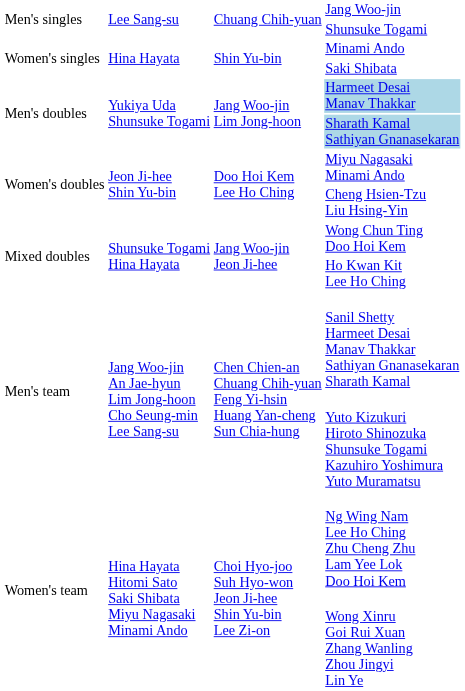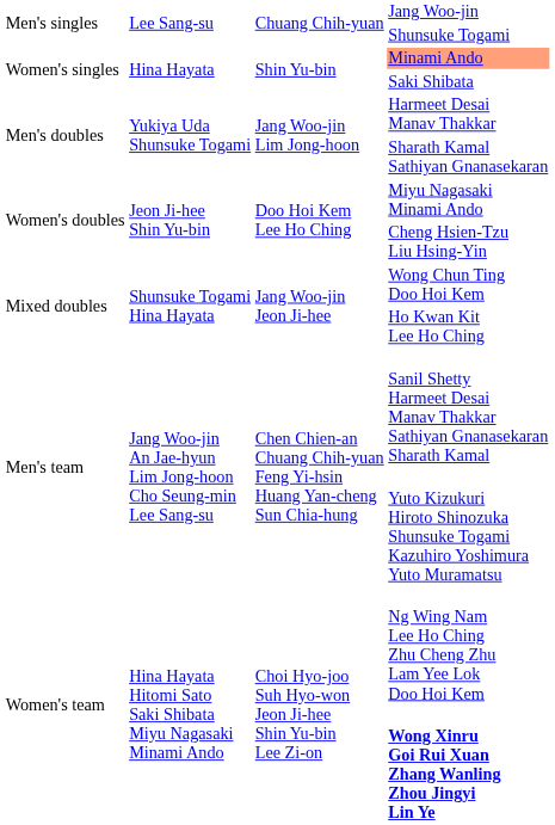 <table>
 <tr>
 <td rowspan=2>Men's singles<br></td>
 <td rowspan=2> <a href='#'>Lee Sang-su</a></td>
 <td rowspan=2> <a href='#'>Chuang Chih-yuan</a></td>
 <td><a href='#'>Jang Woo-jin</a></td>
 </tr>
 <tr>
 <td><a href='#'>Shunsuke Togami</a></td>
 </tr>
 <tr>
 <td rowspan=2>Women's singles<br></td>
 <td rowspan=2> <a href='#'>Hina Hayata</a></td>
 <td rowspan=2> <a href='#'>Shin Yu-bin</a></td>
-<td> <a href='#'>Minami Ando</a></td>
+<td style="background: lightsalmon;"> <a href='#'>Minami Ando</a></td>
 </tr>
 <tr>
 <td> <a href='#'>Saki Shibata</a></td>
 </tr>
 <tr>
 <td rowspan=2>Men's doubles<br></td>
 <td rowspan=2> <a href='#'>Yukiya Uda</a><br> <a href='#'>Shunsuke Togami</a></td>
 <td rowspan=2> <a href='#'>Jang Woo-jin</a><br> <a href='#'>Lim Jong-hoon</a></td>
-<td style="background: lightblue;"> <a href='#'>Harmeet Desai</a><br> <a href='#'>Manav Thakkar</a></td>
+<td> <a href='#'>Harmeet Desai</a><br> <a href='#'>Manav Thakkar</a></td>
 </tr>
 <tr>
-<td style="background: lightblue;"> <a href='#'>Sharath Kamal</a><br> <a href='#'>Sathiyan Gnanasekaran</a></td>
+<td> <a href='#'>Sharath Kamal</a><br> <a href='#'>Sathiyan Gnanasekaran</a></td>
 </tr>
 <tr>
 <td rowspan=2>Women's doubles<br></td>
 <td rowspan=2> <a href='#'>Jeon Ji-hee</a><br> <a href='#'>Shin Yu-bin</a></td>
 <td rowspan=2> <a href='#'>Doo Hoi Kem</a><br> <a href='#'>Lee Ho Ching</a></td>
 <td> <a href='#'>Miyu Nagasaki</a><br> <a href='#'>Minami Ando</a></td>
 </tr>
 <tr>
 <td> <a href='#'>Cheng Hsien-Tzu</a><br> <a href='#'>Liu Hsing-Yin</a></td>
 </tr>
 <tr>
 <td rowspan=2>Mixed doubles<br></td>
 <td rowspan=2> <a href='#'>Shunsuke Togami</a><br> <a href='#'>Hina Hayata</a></td>
 <td rowspan=2> <a href='#'>Jang Woo-jin</a><br> <a href='#'>Jeon Ji-hee</a></td>
 <td> <a href='#'>Wong Chun Ting</a><br> <a href='#'>Doo Hoi Kem</a></td>
 </tr>
 <tr>
 <td> <a href='#'>Ho Kwan Kit</a><br> <a href='#'>Lee Ho Ching</a></td>
 </tr>
 <tr>
 <td rowspan=2>Men's team<br></td>
 <td rowspan=2><br><a href='#'>Jang Woo-jin</a><br><a href='#'>An Jae-hyun</a><br><a href='#'>Lim Jong-hoon</a><br><a href='#'>Cho Seung-min</a><br><a href='#'>Lee Sang-su</a></td>
 <td rowspan=2><br><a href='#'>Chen Chien-an</a><br><a href='#'>Chuang Chih-yuan</a><br><a href='#'>Feng Yi-hsin</a><br><a href='#'>Huang Yan-cheng</a><br><a href='#'>Sun Chia-hung</a></td>
 <td><br><a href='#'>Sanil Shetty</a><br><a href='#'>Harmeet Desai</a><br><a href='#'>Manav Thakkar</a><br><a href='#'>Sathiyan Gnanasekaran</a><br><a href='#'>Sharath Kamal</a></td>
 </tr>
 <tr>
 <td><br><a href='#'>Yuto Kizukuri</a><br><a href='#'>Hiroto Shinozuka</a><br><a href='#'>Shunsuke Togami</a><br><a href='#'>Kazuhiro Yoshimura</a><br><a href='#'>Yuto Muramatsu</a></td>
 </tr>
 <tr>
 <td rowspan=2>Women's team<br></td>
 <td rowspan=2><br><a href='#'>Hina Hayata</a><br><a href='#'>Hitomi Sato</a><br><a href='#'>Saki Shibata</a><br><a href='#'>Miyu Nagasaki</a><br><a href='#'>Minami Ando</a></td>
 <td rowspan=2><br><a href='#'>Choi Hyo-joo</a><br><a href='#'>Suh Hyo-won</a><br><a href='#'>Jeon Ji-hee</a><br><a href='#'>Shin Yu-bin</a><br><a href='#'>Lee Zi-on</a></td>
 <td><br><a href='#'>Ng Wing Nam</a><br><a href='#'>Lee Ho Ching</a><br><a href='#'>Zhu Cheng Zhu</a><br><a href='#'>Lam Yee Lok</a><br><a href='#'>Doo Hoi Kem</a></td>
 </tr>
 <tr>
-<td><br><a href='#'>Wong Xinru</a><br><a href='#'>Goi Rui Xuan</a><br><a href='#'>Zhang Wanling</a><br><a href='#'>Zhou Jingyi</a><br><a href='#'>Lin Ye</a></td>
+<td><strong><br><a href='#'>Wong Xinru</a><br><a href='#'>Goi Rui Xuan</a><br><a href='#'>Zhang Wanling</a><br><a href='#'>Zhou Jingyi</a><br><a href='#'>Lin Ye</a></strong></td>
 </tr>
 </table>
